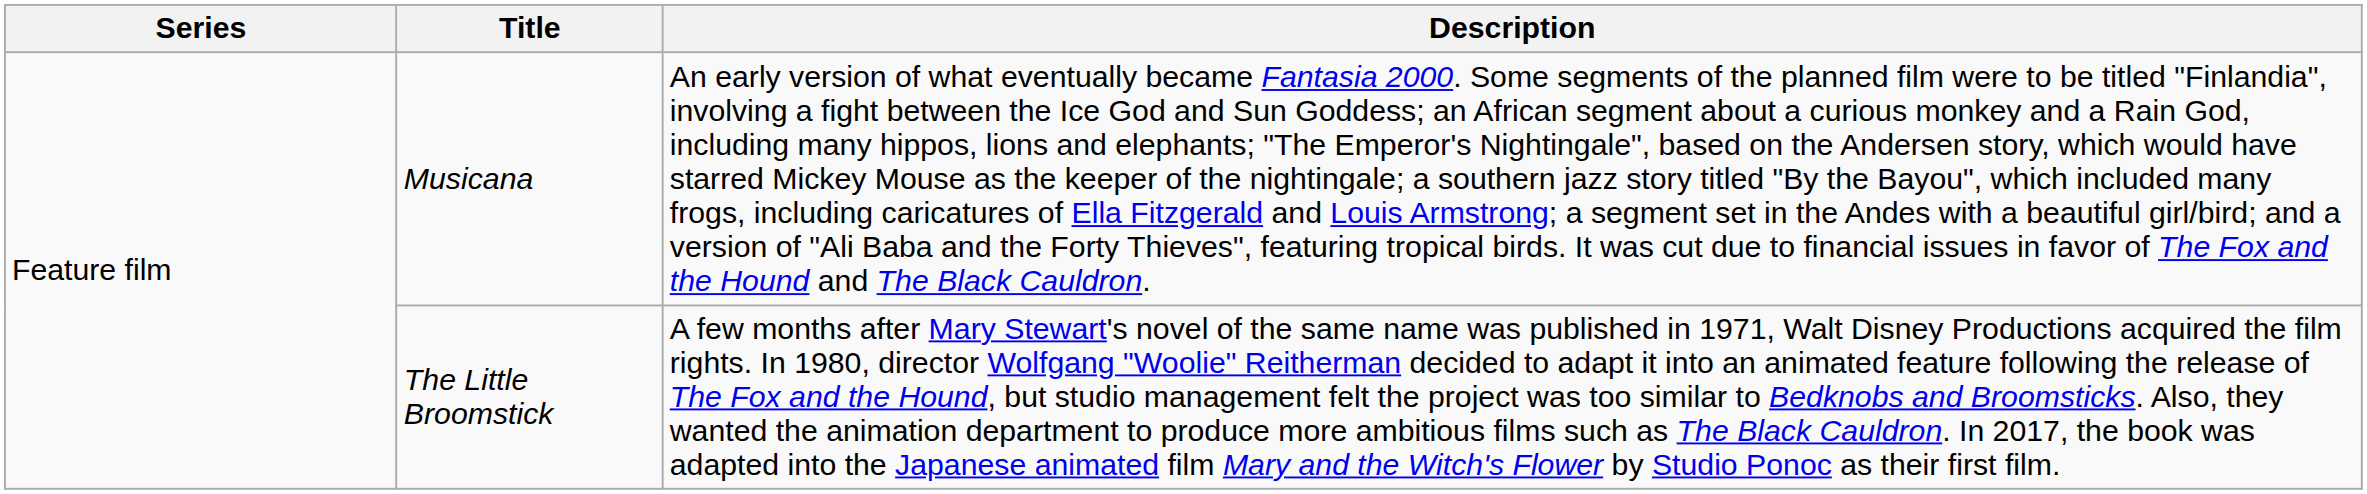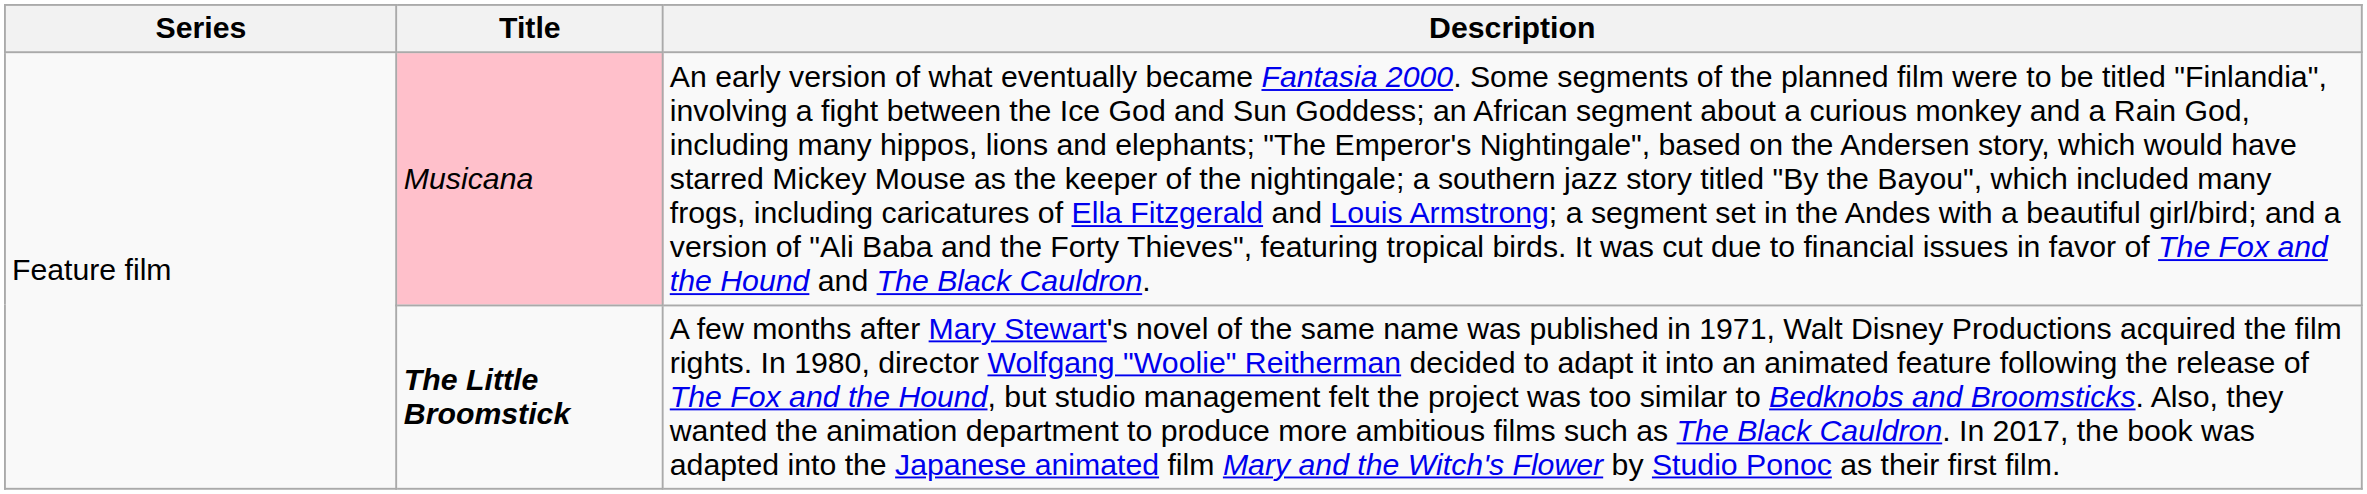 <table class="wikitable">
 <tr>
 <th style="width:150pt;">Series</th>
 <th style="width:100pt;">Title</th>
 <th>Description</th>
 </tr>
 <tr>
 <td rowspan="2">Feature film</td>
-<td><em>Musicana</em></td>
+<td style="background: pink;"><em>Musicana</em></td>
 <td>An early version of what eventually became <em><a href='#'>Fantasia 2000</a></em>. Some segments of the planned film were to be titled "Finlandia", involving a fight between the Ice God and Sun Goddess; an African segment about a curious monkey and a Rain God, including many hippos, lions and elephants; "The Emperor's Nightingale", based on the Andersen story, which would have starred Mickey Mouse as the keeper of the nightingale; a southern jazz story titled "By the Bayou", which included many frogs, including caricatures of <a href='#'>Ella Fitzgerald</a> and <a href='#'>Louis Armstrong</a>; a segment set in the Andes with a beautiful girl/bird; and a version of "Ali Baba and the Forty Thieves", featuring tropical birds. It was cut due to financial issues in favor of <em><a href='#'>The Fox and the Hound</a></em> and <em><a href='#'>The Black Cauldron</a></em>.</td>
 </tr>
 <tr>
-<td><em>The Little Broomstick</em></td>
+<td><strong><em>The Little Broomstick</em></strong></td>
 <td>A few months after <a href='#'>Mary Stewart</a>'s novel of the same name was published in 1971, Walt Disney Productions acquired the film rights. In 1980, director <a href='#'>Wolfgang "Woolie" Reitherman</a> decided to adapt it into an animated feature following the release of <em><a href='#'>The Fox and the Hound</a></em>, but studio management felt the project was too similar to <em><a href='#'>Bedknobs and Broomsticks</a></em>. Also, they wanted the animation department to produce more ambitious films such as <em><a href='#'>The Black Cauldron</a></em>. In 2017, the book was adapted into the <a href='#'>Japanese animated</a> film <em><a href='#'>Mary and the Witch's Flower</a></em> by <a href='#'>Studio Ponoc</a> as their first film.</td>
 </tr>
 </table>
